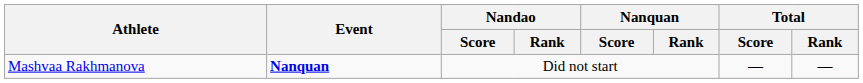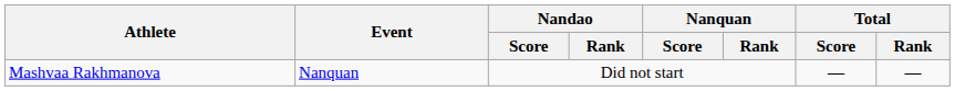 <table class="wikitable" width="65%" style="text-align:center; font-size:90%">
 <tr>
 <th rowspan="2" width="18%">Athlete</th>
 <th rowspan="2" width="12%">Event</th>
 <th colspan="2" width="9%">Nandao</th>
 <th colspan="2" width="9%">Nanquan</th>
 <th colspan="2" width="9%">Total</th>
 </tr>
 <tr>
 <th width="5%">Score</th>
 <th>Rank</th>
 <th width="5%">Score</th>
 <th>Rank</th>
 <th width="5%">Score</th>
 <th>Rank</th>
 </tr>
 <tr>
 <td align="left"><a href='#'>Mashvaa Rakhmanova</a></td>
-<td align="left"><strong><a href='#'>Nanquan</a></strong></td>
+<td align="left"><a href='#'>Nanquan</a></td>
 <td align=center colspan=4>Did not start</td>
 <td align=center><strong>—</strong></td>
 <td align=center><strong>—</strong></td>
 </tr>
 </table>
